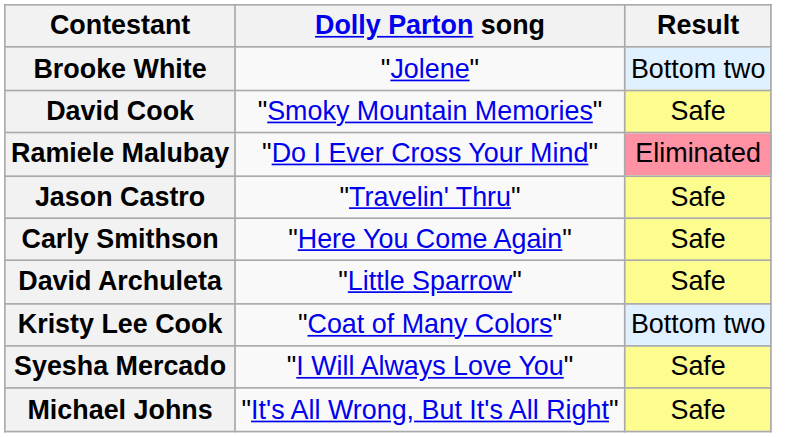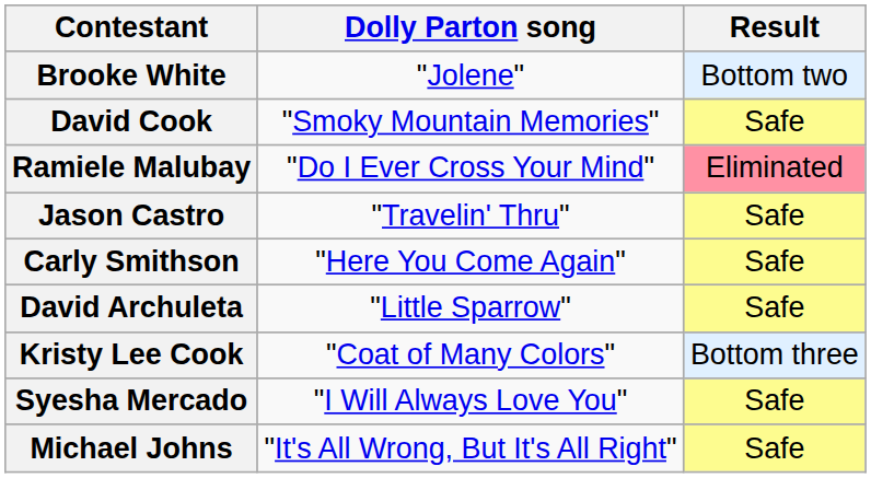 <table class="wikitable unsortable" style="text-align:center;">
 <tr>
 <th scope="col">Contestant</th>
 <th scope="col"><a href='#'>Dolly Parton</a> song</th>
 <th scope="col">Result</th>
 </tr>
 <tr>
 <th scope="row">Brooke White</th>
 <td>"<a href='#'>Jolene</a>"</td>
 <td bgcolor="E0F0FF">Bottom two</td>
 </tr>
 <tr>
 <th scope="row">David Cook</th>
 <td>"<a href='#'>Smoky Mountain Memories</a>"</td>
 <td Style="background:#FDFC8F">Safe</td>
 </tr>
 <tr>
 <th scope="row">Ramiele Malubay</th>
 <td>"<a href='#'>Do I Ever Cross Your Mind</a>"</td>
 <td bgcolor="FF91A4">Eliminated</td>
 </tr>
 <tr>
 <th scope="row">Jason Castro</th>
 <td>"<a href='#'>Travelin' Thru</a>"</td>
 <td style="background:#FDFC8F">Safe</td>
 </tr>
 <tr>
 <th scope="row">Carly Smithson</th>
 <td>"<a href='#'>Here You Come Again</a>"</td>
 <td style="background:#FDFC8F">Safe</td>
 </tr>
 <tr>
 <th scope="row">David Archuleta</th>
 <td>"<a href='#'>Little Sparrow</a>"</td>
 <td style="background:#FDFC8F">Safe</td>
 </tr>
 <tr>
 <th scope="row">Kristy Lee Cook</th>
 <td>"<a href='#'>Coat of Many Colors</a>"</td>
-<td bgcolor="E0F0FF">Bottom two</td>
+<td bgcolor="E0F0FF">Bottom three</td>
 </tr>
 <tr>
 <th scope="row">Syesha Mercado</th>
 <td>"<a href='#'>I Will Always Love You</a>"</td>
 <td style="background:#FDFC8F">Safe</td>
 </tr>
 <tr>
 <th scope="row">Michael Johns</th>
 <td>"<a href='#'>It's All Wrong, But It's All Right</a>"</td>
 <td style="background:#FDFC8F">Safe</td>
 </tr>
 </table>
